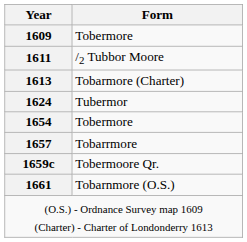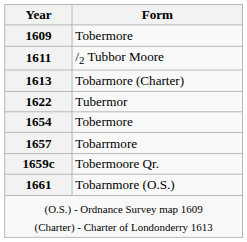 <table class="wikitable" style="margin:0 0 0 3em; border:1px solid darkgrey;">
 <tr>
 <th style="width:75px;">Year</th>
 <th style="width:200px;">Form</th>
 </tr>
 <tr>
 <th>1609</th>
 <td>Tobermore</td>
 </tr>
 <tr>
 <th>1611</th>
 <td>/<sub>2</sub> Tubbor Moore</td>
 </tr>
 <tr>
 <th>1613</th>
 <td>Tobarmore (Charter) </td>
 </tr>
 <tr>
-<th>1624</th>
+<th>1622</th>
 <td>Tubermor</td>
 </tr>
 <tr>
 <th>1654</th>
 <td>Tobermore</td>
 </tr>
 <tr>
 <th>1657</th>
 <td>Tobarrmore</td>
 </tr>
 <tr>
 <th>1659c</th>
 <td>Tobermoore Qr.</td>
 </tr>
 <tr>
 <th>1661</th>
 <td>Tobarnmore (O.S.) </td>
 </tr>
 <tr>
 <td colspan="2" align="center"><sub>(O.S.) - Ordnance Survey map 1609<br>(Charter) - Charter of Londonderry 1613</sub></td>
 </tr>
 </table>
